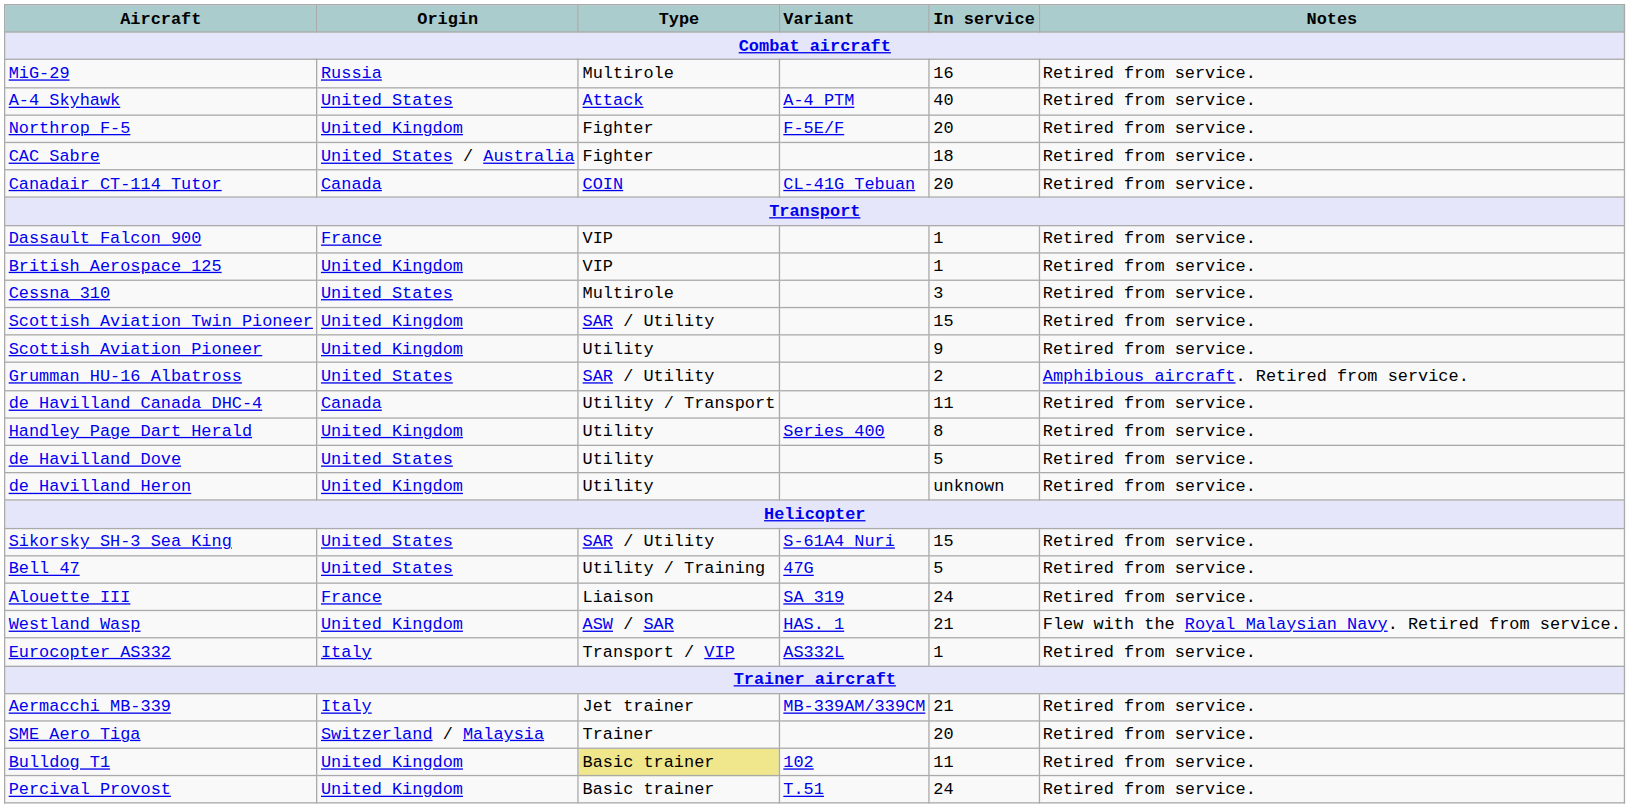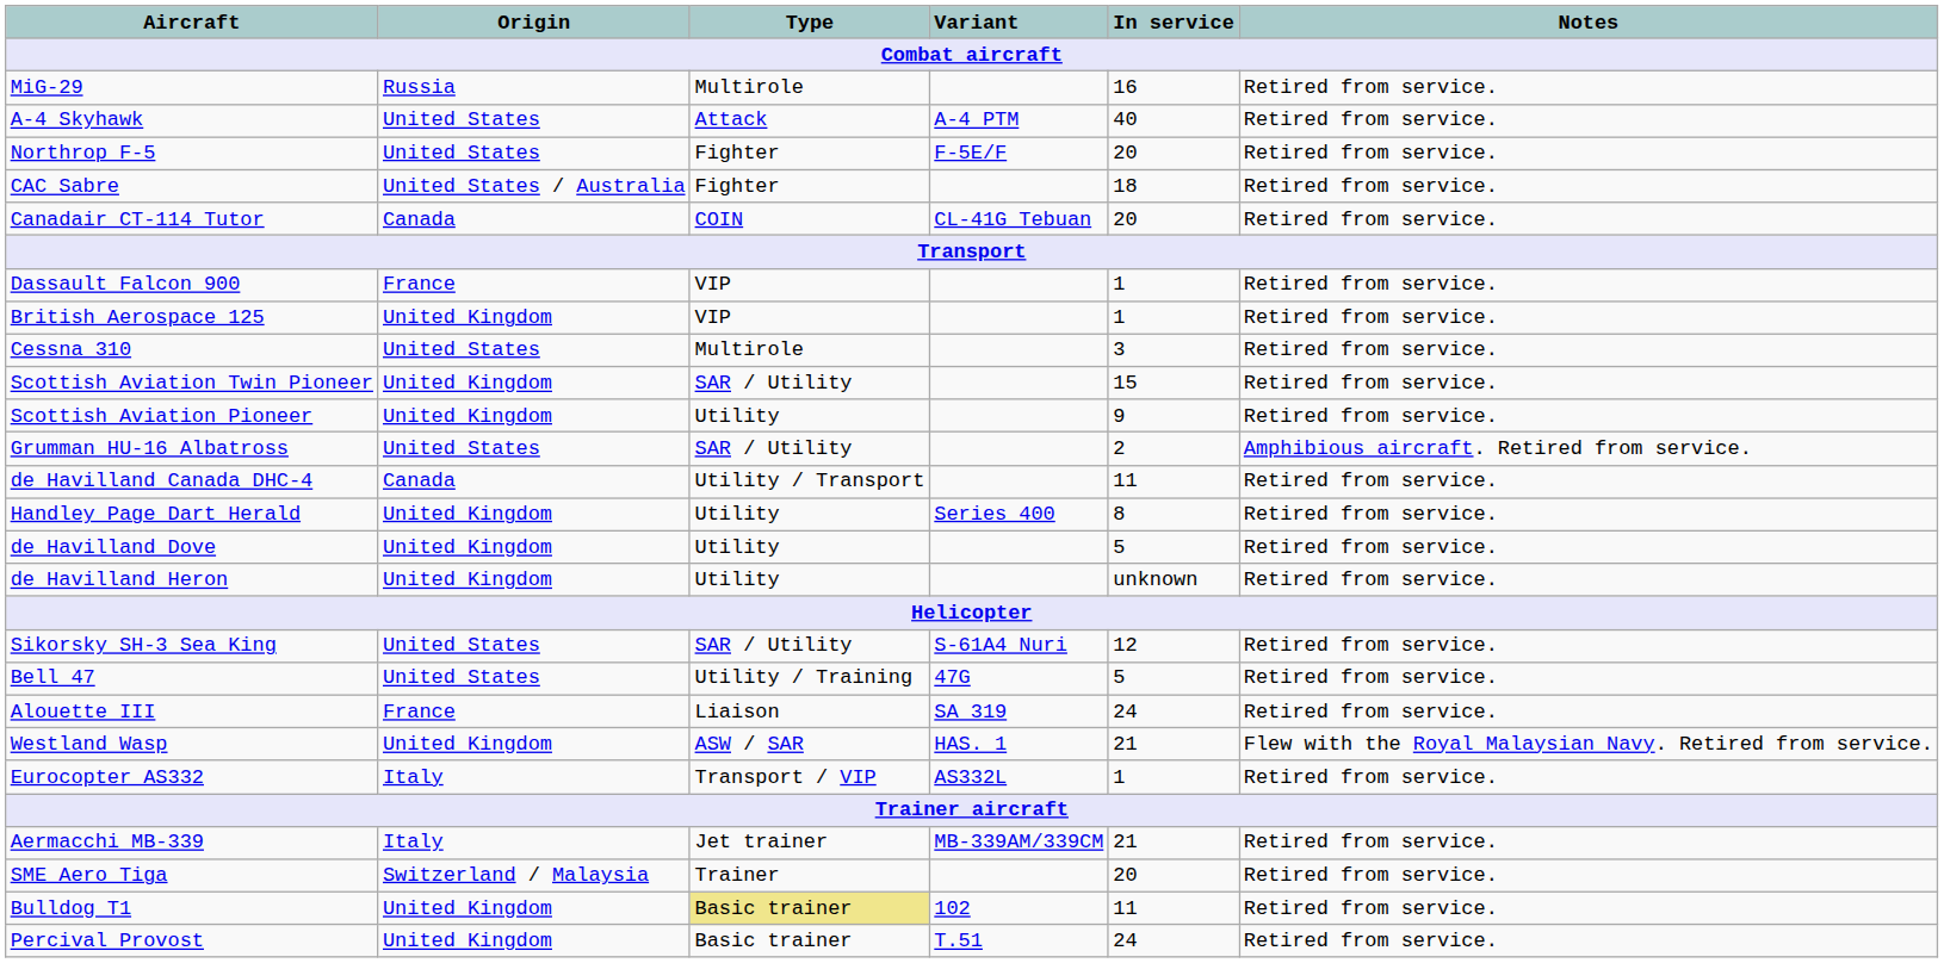 <table class="wikitable">
 <tr>
 <th style="text-align:center; background:#acc;">Aircraft</th>
 <th style="text-align: center; background:#acc;">Origin</th>
 <th style="text-align:l center; background:#acc;">Type</th>
 <th style="text-align:left; background:#acc;">Variant</th>
 <th style="text-align:center; background:#acc;">In service</th>
 <th style="text-align: center; background:#acc;">Notes</th>
 </tr>
 <tr>
 <th style="align: center; background: lavender;" colspan="7"><a href='#'>Combat aircraft</a></th>
 </tr>
 <tr>
 <td><a href='#'>MiG-29</a></td>
 <td><a href='#'>Russia</a></td>
 <td>Multirole</td>
 <td></td>
 <td>16</td>
 <td>Retired from service.</td>
 </tr>
 <tr>
 <td><a href='#'>A-4 Skyhawk</a></td>
 <td><a href='#'>United States</a></td>
 <td><a href='#'>Attack</a></td>
 <td><a href='#'>A-4 PTM</a></td>
 <td>40</td>
 <td>Retired from service.</td>
 </tr>
 <tr>
 <td><a href='#'>Northrop F-5</a></td>
-<td><a href='#'>United Kingdom</a></td>
+<td><a href='#'>United States</a></td>
 <td>Fighter</td>
 <td><a href='#'>F-5E/F</a></td>
 <td>20</td>
 <td>Retired from service.</td>
 </tr>
 <tr>
 <td><a href='#'>CAC Sabre</a></td>
 <td><a href='#'>United States</a> / <a href='#'>Australia</a></td>
 <td>Fighter</td>
 <td></td>
 <td>18</td>
 <td>Retired from service.</td>
 </tr>
 <tr>
 <td><a href='#'>Canadair CT-114 Tutor</a></td>
 <td><a href='#'>Canada</a></td>
 <td><a href='#'>COIN</a></td>
 <td><a href='#'>CL-41G Tebuan</a></td>
 <td>20</td>
 <td>Retired from service.</td>
 </tr>
 <tr>
 <th style="align: center; background: lavender;" colspan="7"><a href='#'>Transport</a></th>
 </tr>
 <tr>
 <td><a href='#'>Dassault Falcon 900</a></td>
 <td><a href='#'>France</a></td>
 <td>VIP</td>
 <td></td>
 <td>1</td>
 <td>Retired from service.</td>
 </tr>
 <tr>
 <td><a href='#'>British Aerospace 125</a></td>
 <td><a href='#'>United Kingdom</a></td>
 <td>VIP</td>
 <td></td>
 <td>1</td>
 <td>Retired from service.</td>
 </tr>
 <tr>
 <td><a href='#'>Cessna 310</a></td>
 <td><a href='#'>United States</a></td>
 <td>Multirole</td>
 <td></td>
 <td>3</td>
 <td>Retired from service.</td>
 </tr>
 <tr>
 <td><a href='#'>Scottish Aviation Twin Pioneer</a></td>
 <td><a href='#'>United Kingdom</a></td>
 <td><a href='#'>SAR</a> / Utility</td>
 <td></td>
 <td>15</td>
 <td>Retired from service.</td>
 </tr>
 <tr>
 <td><a href='#'>Scottish Aviation Pioneer</a></td>
 <td><a href='#'>United Kingdom</a></td>
 <td>Utility</td>
 <td></td>
 <td>9</td>
 <td>Retired from service.</td>
 </tr>
 <tr>
 <td><a href='#'>Grumman HU-16 Albatross</a></td>
 <td><a href='#'>United States</a></td>
 <td><a href='#'>SAR</a> / Utility</td>
 <td></td>
 <td>2</td>
 <td><a href='#'>Amphibious aircraft</a>. Retired from service.</td>
 </tr>
 <tr>
 <td><a href='#'>de Havilland Canada DHC-4</a></td>
 <td><a href='#'>Canada</a></td>
 <td>Utility / Transport</td>
 <td></td>
 <td>11</td>
 <td>Retired from service.</td>
 </tr>
 <tr>
 <td><a href='#'>Handley Page Dart Herald</a></td>
 <td><a href='#'>United Kingdom</a></td>
 <td>Utility</td>
 <td><a href='#'>Series 400</a></td>
 <td>8</td>
 <td>Retired from service.</td>
 </tr>
 <tr>
 <td><a href='#'>de Havilland Dove</a></td>
-<td><a href='#'>United States</a></td>
+<td><a href='#'>United Kingdom</a></td>
 <td>Utility</td>
 <td></td>
 <td>5</td>
 <td>Retired from service.</td>
 </tr>
 <tr>
 <td><a href='#'>de Havilland Heron</a></td>
 <td><a href='#'>United Kingdom</a></td>
 <td>Utility</td>
 <td></td>
 <td>unknown</td>
 <td>Retired from service.</td>
 </tr>
 <tr>
 <th style="align: center; background: lavender;" colspan="7"><a href='#'>Helicopter</a></th>
 </tr>
 <tr>
 <td><a href='#'>Sikorsky SH-3 Sea King</a></td>
 <td><a href='#'>United States</a></td>
 <td><a href='#'>SAR</a> / Utility</td>
 <td><a href='#'>S-61A4 Nuri</a></td>
-<td>15</td>
+<td>12</td>
 <td>Retired from service.</td>
 </tr>
 <tr>
 <td><a href='#'>Bell 47</a></td>
 <td><a href='#'>United States</a></td>
 <td>Utility / Training</td>
 <td><a href='#'>47G</a></td>
 <td>5</td>
 <td>Retired from service.</td>
 </tr>
 <tr>
 <td><a href='#'>Alouette III</a></td>
 <td><a href='#'>France</a></td>
 <td>Liaison</td>
 <td><a href='#'>SA 319</a></td>
 <td>24</td>
 <td>Retired from service.</td>
 </tr>
 <tr>
 <td><a href='#'>Westland Wasp</a></td>
 <td><a href='#'>United Kingdom</a></td>
 <td><a href='#'>ASW</a> / <a href='#'>SAR</a></td>
 <td><a href='#'>HAS. 1</a></td>
 <td>21</td>
 <td>Flew with the <a href='#'>Royal Malaysian Navy</a>. Retired from service.</td>
 </tr>
 <tr>
 <td><a href='#'>Eurocopter AS332</a></td>
 <td><a href='#'>Italy</a></td>
 <td>Transport / <a href='#'>VIP</a></td>
 <td><a href='#'>AS332L</a></td>
 <td>1</td>
 <td>Retired from service.</td>
 </tr>
 <tr>
 <th style="align: center; background: lavender;" colspan="7"><a href='#'>Trainer aircraft</a></th>
 </tr>
 <tr>
 <td><a href='#'>Aermacchi MB-339</a></td>
 <td><a href='#'>Italy</a></td>
 <td>Jet trainer</td>
 <td><a href='#'>MB-339AM/339CM</a></td>
 <td>21</td>
 <td>Retired from service.</td>
 </tr>
 <tr>
 <td><a href='#'>SME Aero Tiga</a></td>
 <td><a href='#'>Switzerland</a> / <a href='#'>Malaysia</a></td>
 <td>Trainer</td>
 <td></td>
 <td>20</td>
 <td>Retired from service.</td>
 </tr>
 <tr>
 <td><a href='#'>Bulldog T1</a></td>
 <td><a href='#'>United Kingdom</a></td>
 <td style="background: khaki;">Basic trainer</td>
 <td><a href='#'>102</a></td>
 <td>11</td>
 <td>Retired from service.</td>
 </tr>
 <tr>
 <td><a href='#'>Percival Provost</a></td>
 <td><a href='#'>United Kingdom</a></td>
 <td>Basic trainer</td>
 <td><a href='#'>T.51</a></td>
 <td>24</td>
 <td>Retired from service.</td>
 </tr>
 </table>
